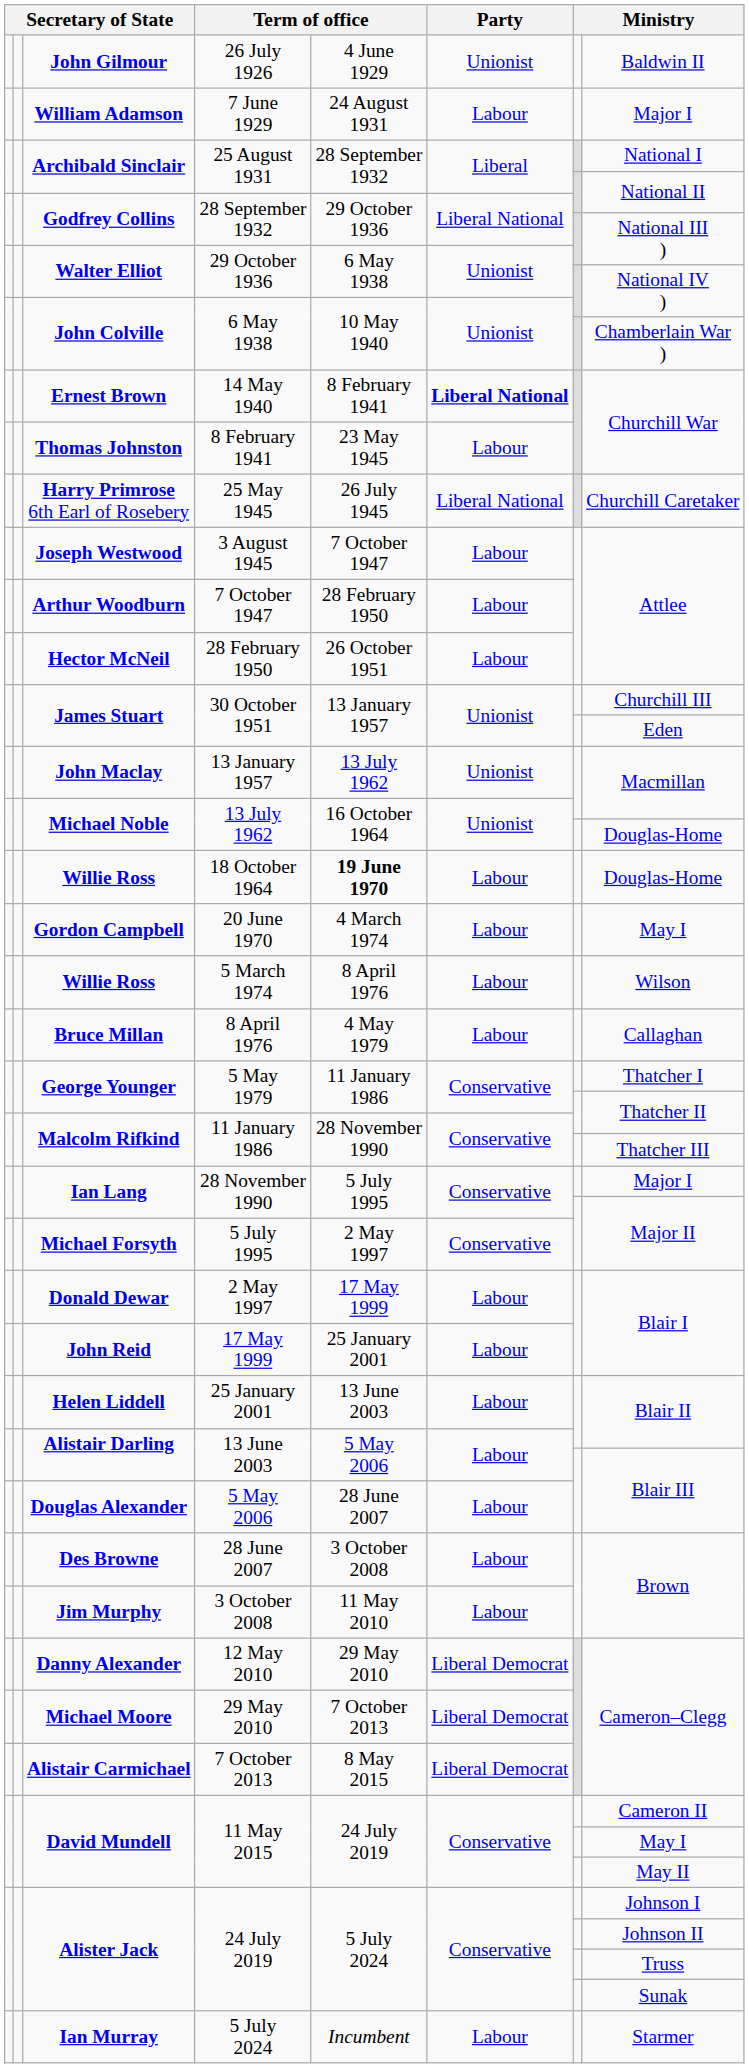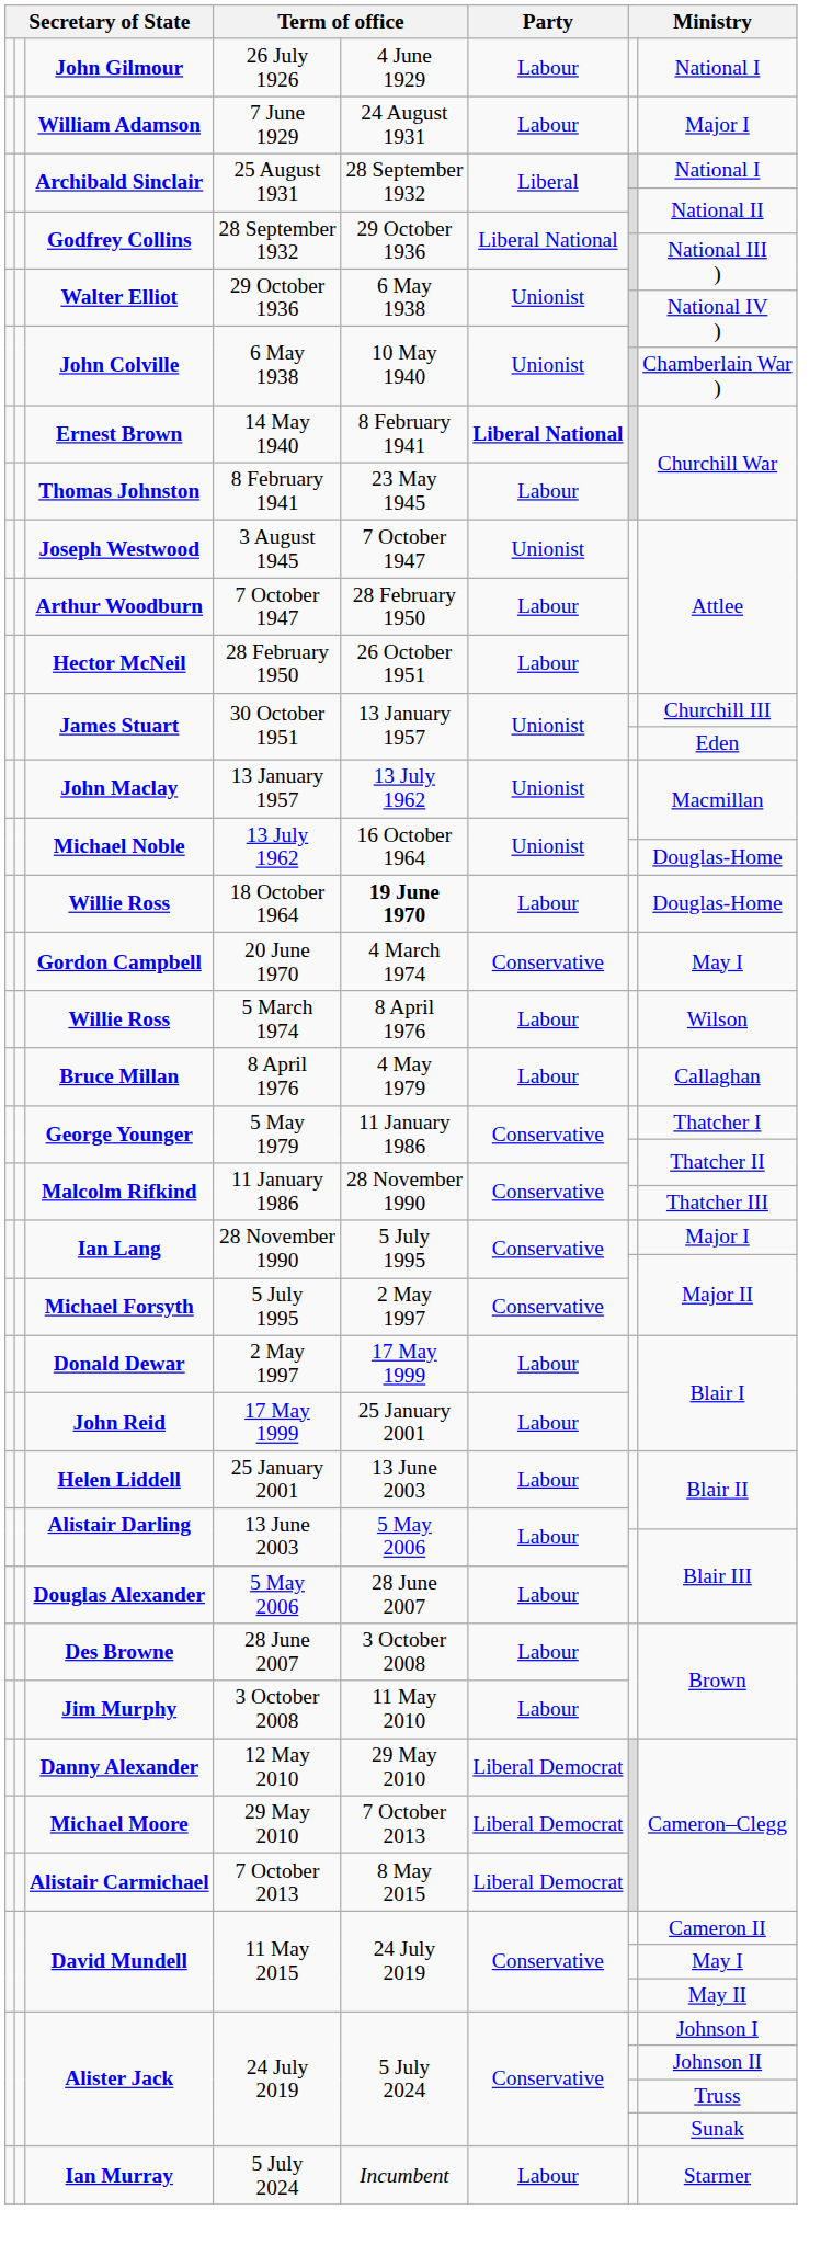 <table class="wikitable" style="text-align:center">
 <tr>
 <th colspan=3>Secretary of State</th>
 <th colspan=2>Term of office</th>
 <th>Party</th>
 <th colspan=2>Ministry</th>
 </tr>
 <tr style="height:1em">
 <td style="background-color:"></td>
 <td></td>
 <td><strong><a href='#'>John Gilmour</a></strong><br></td>
 <td>26 July<br>1926<br></td>
 <td>4 June<br>1929</td>
-<td><a href='#'>Unionist</a></td>
+<td><a href='#'>Labour</a></td>
 <td style="background-color:"></td>
-<td><a href='#'>Baldwin II</a></td>
+<td><a href='#'>National I</a><br></td>
 </tr>
 <tr style="height:1em">
 <td style="background-color:"></td>
 <td></td>
 <td><strong><a href='#'>William Adamson</a></strong><br></td>
 <td>7 June<br>1929</td>
 <td>24 August<br>1931</td>
 <td><a href='#'>Labour</a></td>
 <td style="background-color:"></td>
 <td><a href='#'>Major I</a></td>
 </tr>
 <tr style="height:1em">
 <td rowspan=2 style="background-color:"></td>
 <td rowspan=2></td>
 <td rowspan=2><strong><a href='#'>Archibald Sinclair</a></strong><br></td>
 <td rowspan=2>25 August<br>1931</td>
 <td rowspan=2>28 September<br>1932</td>
 <td rowspan=2><a href='#'>Liberal</a></td>
 <td style="background-color:#ddd"></td>
 <td><a href='#'>National I</a><br></td>
 </tr>
 <tr style="height:1em">
 <td rowspan=2 style="background-color:#ddd"></td>
 <td rowspan=2><a href='#'>National II</a><br></td>
 </tr>
 <tr style="height:1em">
 <td rowspan=2 style="background-color:"></td>
 <td rowspan=2></td>
 <td rowspan=2><strong><a href='#'>Godfrey Collins</a></strong><br></td>
 <td rowspan=2>28 September<br>1932</td>
 <td rowspan=2>29 October<br>1936</td>
 <td rowspan=2><a href='#'>Liberal National</a></td>
 </tr>
 <tr style="height:1em">
 <td rowspan=2 style="background-color:#ddd"></td>
 <td rowspan=2><a href='#'>National III</a><br>)</td>
 </tr>
 <tr style="height:1em">
 <td rowspan=2 style="background-color:"></td>
 <td rowspan=2></td>
 <td rowspan=2><strong><a href='#'>Walter Elliot</a></strong><br></td>
 <td rowspan=2>29 October<br>1936</td>
 <td rowspan=2>6 May<br>1938</td>
 <td rowspan=2><a href='#'>Unionist</a></td>
 </tr>
 <tr style="height:1em">
 <td rowspan=2 style="background-color:#ddd"></td>
 <td rowspan=2><a href='#'>National IV</a><br>)</td>
 </tr>
 <tr style="height:1em">
 <td rowspan=2 style="background-color:"></td>
 <td rowspan=2></td>
 <td rowspan=2><strong><a href='#'>John Colville</a></strong><br></td>
 <td rowspan=2>6 May<br>1938</td>
 <td rowspan=2>10 May<br>1940</td>
 <td rowspan=2><a href='#'>Unionist</a></td>
 </tr>
 <tr style="height:1em">
 <td style="background-color:#ddd"></td>
 <td><a href='#'>Chamberlain War</a><br>)</td>
 </tr>
 <tr style="height:1em">
 <td style="background-color:"></td>
 <td></td>
 <td><strong><a href='#'>Ernest Brown</a></strong><br></td>
 <td>14 May<br>1940</td>
 <td>8 February<br>1941</td>
 <td><strong><a href='#'>Liberal National</a></strong></td>
 <td rowspan=2 style="background-color:#ddd"></td>
 <td rowspan=2><a href='#'>Churchill War</a><br></td>
 </tr>
 <tr style="height:1em">
 <td style="background-color:"></td>
 <td></td>
 <td><strong><a href='#'>Thomas Johnston</a></strong><br></td>
 <td>8 February<br>1941</td>
 <td>23 May<br>1945</td>
 <td><a href='#'>Labour</a></td>
 </tr>
 <tr style="height:1em">
 <td style="background-color:"></td>
 <td></td>
-<td><a href='#'><strong>Harry Primrose</strong><br>6th Earl of Rosebery</a></td>
-<td>25 May<br>1945</td>
-<td>26 July<br>1945</td>
-<td><a href='#'>Liberal National</a></td>
-<td style="background-color:#ddd"></td>
-<td><a href='#'>Churchill Caretaker</a><br></td>
-</tr>
-<tr style="height:1em">
-<td style="background-color:"></td>
-<td></td>
 <td><strong><a href='#'>Joseph Westwood</a></strong><br></td>
 <td>3 August<br>1945</td>
 <td>7 October<br>1947</td>
-<td><a href='#'>Labour</a></td>
+<td><a href='#'>Unionist</a></td>
 <td rowspan=3 style="background-color:"></td>
 <td rowspan=3><a href='#'>Attlee<br></a></td>
 </tr>
 <tr style="height:1em">
 <td style="background-color:"></td>
 <td></td>
 <td><strong><a href='#'>Arthur Woodburn</a></strong><br></td>
 <td>7 October<br>1947</td>
 <td>28 February<br>1950</td>
 <td><a href='#'>Labour</a></td>
 </tr>
 <tr style="height:1em">
 <td style="background-color:"></td>
 <td></td>
 <td><strong><a href='#'>Hector McNeil</a></strong><br></td>
 <td>28 February<br>1950</td>
 <td>26 October<br>1951</td>
 <td><a href='#'>Labour</a></td>
 </tr>
 <tr style="height:1em">
 <td rowspan=2 style="background-color:"></td>
 <td rowspan=2></td>
 <td rowspan=2><a href='#'><strong>James Stuart</strong></a><br></td>
 <td rowspan=2>30 October<br>1951</td>
 <td rowspan=2>13 January<br>1957</td>
 <td rowspan=2><a href='#'>Unionist</a></td>
 <td style="background-color:"></td>
 <td><a href='#'>Churchill III</a></td>
 </tr>
 <tr style="height:1em">
 <td style="background-color:"></td>
 <td><a href='#'>Eden</a></td>
 </tr>
 <tr style="height:1em">
 <td style="background-color:"></td>
 <td></td>
 <td><strong><a href='#'>John Maclay</a></strong><br></td>
 <td>13 January<br>1957</td>
 <td><a href='#'>13 July<br>1962</a></td>
 <td><a href='#'>Unionist</a></td>
 <td rowspan=2 style="background-color:"></td>
 <td rowspan=2><a href='#'>Macmillan<br></a></td>
 </tr>
 <tr style="height:1em">
 <td rowspan=2 style="background-color:"></td>
 <td rowspan=2></td>
 <td rowspan=2><strong><a href='#'>Michael Noble</a></strong><br></td>
 <td rowspan=2><a href='#'>13 July<br>1962</a></td>
 <td rowspan=2>16 October<br>1964</td>
 <td rowspan=2><a href='#'>Unionist</a></td>
 </tr>
 <tr style="height:1em">
 <td style="background-color:"></td>
 <td><a href='#'>Douglas-Home</a></td>
 </tr>
 <tr style="height:1em">
 <td style="background-color:"></td>
 <td></td>
 <td><strong><a href='#'>Willie Ross</a></strong><br></td>
 <td>18 October<br>1964</td>
 <td><strong>19 June<br>1970</strong></td>
 <td><a href='#'>Labour</a></td>
 <td style="background-color:"></td>
 <td><a href='#'>Douglas-Home</a></td>
 </tr>
 <tr style="height:1em">
 <td style="background-color:"></td>
 <td></td>
 <td><strong><a href='#'>Gordon Campbell</a></strong><br></td>
 <td>20 June<br>1970</td>
 <td>4 March<br>1974</td>
-<td><a href='#'>Labour</a></td>
+<td><a href='#'>Conservative</a></td>
 <td style="background-color:"></td>
 <td><a href='#'>May I</a></td>
 </tr>
 <tr style="height:1em">
 <td style="background-color:"></td>
 <td></td>
 <td><strong><a href='#'>Willie Ross</a></strong><br></td>
 <td>5 March<br>1974</td>
 <td>8 April<br>1976</td>
 <td><a href='#'>Labour</a></td>
 <td style="background-color:"></td>
 <td><a href='#'>Wilson<br></a></td>
 </tr>
 <tr style="height:1em">
 <td style="background-color:"></td>
 <td></td>
 <td><strong><a href='#'>Bruce Millan</a></strong><br></td>
 <td>8 April<br>1976</td>
 <td>4 May<br>1979</td>
 <td><a href='#'>Labour</a></td>
 <td style="background-color:"></td>
 <td><a href='#'>Callaghan</a></td>
 </tr>
 <tr style="height:1em">
 <td rowspan=2 style="background-color:"></td>
 <td rowspan=2></td>
 <td rowspan=2><strong><a href='#'>George Younger</a></strong><br></td>
 <td rowspan=2>5 May<br>1979</td>
 <td rowspan=2>11 January<br>1986</td>
 <td rowspan=2><a href='#'>Conservative</a></td>
 <td style="background-color:"></td>
 <td><a href='#'>Thatcher I</a></td>
 </tr>
 <tr style="height:1em">
 <td rowspan=2 style="background-color:"></td>
 <td rowspan=2><a href='#'>Thatcher II</a></td>
 </tr>
 <tr style="height:1em">
 <td rowspan=2 style="background-color:"></td>
 <td rowspan=2></td>
 <td rowspan=2><strong><a href='#'>Malcolm Rifkind</a></strong><br></td>
 <td rowspan=2>11 January<br>1986</td>
 <td rowspan=2>28 November<br>1990</td>
 <td rowspan=2><a href='#'>Conservative</a></td>
 </tr>
 <tr style="height:1em">
 <td style="background-color:"></td>
 <td><a href='#'>Thatcher III</a></td>
 </tr>
 <tr style="height:1em">
 <td rowspan=2 style="background-color:"></td>
 <td rowspan=2></td>
 <td rowspan=2><strong><a href='#'>Ian Lang</a></strong><br></td>
 <td rowspan=2>28 November<br>1990</td>
 <td rowspan=2>5 July<br>1995</td>
 <td rowspan=2><a href='#'>Conservative</a></td>
 <td style="background-color:"></td>
 <td><a href='#'>Major I</a></td>
 </tr>
 <tr style="height:1em">
 <td rowspan=2 style="background-color:"></td>
 <td rowspan=2><a href='#'>Major II</a></td>
 </tr>
 <tr style="height:1em">
 <td style="background-color:"></td>
 <td></td>
 <td><strong><a href='#'>Michael Forsyth</a></strong><br></td>
 <td>5 July<br>1995</td>
 <td>2 May<br>1997</td>
 <td><a href='#'>Conservative</a></td>
 </tr>
 <tr style="height:1em">
 <td style="background-color:"></td>
 <td></td>
 <td><strong><a href='#'>Donald Dewar</a></strong><br></td>
 <td>2 May<br>1997</td>
 <td><a href='#'>17 May<br>1999</a></td>
 <td><a href='#'>Labour</a></td>
 <td rowspan=2 style="background-color:"></td>
 <td rowspan=2><a href='#'>Blair I</a></td>
 </tr>
 <tr style="height:1em">
 <td style="background-color:"></td>
 <td></td>
 <td><strong><a href='#'>John Reid</a></strong><br></td>
 <td><a href='#'>17 May<br>1999</a></td>
 <td>25 January<br>2001</td>
 <td><a href='#'>Labour</a></td>
 </tr>
 <tr style="height:1em">
 <td style="background-color:"></td>
 <td></td>
 <td><strong><a href='#'>Helen Liddell</a></strong><br></td>
 <td>25 January<br>2001</td>
 <td>13 June<br>2003</td>
 <td><a href='#'>Labour</a></td>
 <td rowspan=2 style="background-color:"></td>
 <td rowspan=2><a href='#'>Blair II</a></td>
 </tr>
 <tr style="height:1em">
 <td rowspan=2 style="background-color:"></td>
 <td rowspan=2></td>
 <td rowspan=2><strong><a href='#'>Alistair Darling</a></strong><br><br></td>
 <td rowspan=2>13 June<br>2003</td>
 <td rowspan=2><a href='#'>5 May<br>2006</a></td>
 <td rowspan=2><a href='#'>Labour</a></td>
 </tr>
 <tr style="height:1em">
 <td rowspan=2 style="background-color:"></td>
 <td rowspan=2><a href='#'>Blair III</a></td>
 </tr>
 <tr style="height:1em">
 <td style="background-color:"></td>
 <td></td>
 <td><strong><a href='#'>Douglas Alexander</a></strong><br></td>
 <td><a href='#'>5 May<br>2006</a></td>
 <td>28 June<br>2007</td>
 <td><a href='#'>Labour</a></td>
 </tr>
 <tr style="height:1em">
 <td style="background-color:"></td>
 <td></td>
 <td><strong><a href='#'>Des Browne</a></strong><br></td>
 <td>28 June<br>2007</td>
 <td>3 October<br>2008</td>
 <td><a href='#'>Labour</a></td>
 <td rowspan=2 style="background-color:"></td>
 <td rowspan=2><a href='#'>Brown</a></td>
 </tr>
 <tr style="height:1em">
 <td style="background-color:"></td>
 <td></td>
 <td><strong><a href='#'>Jim Murphy</a></strong><br></td>
 <td>3 October<br>2008</td>
 <td>11 May<br>2010</td>
 <td><a href='#'>Labour</a></td>
 </tr>
 <tr style="height:1em">
 <td style="background-color:"></td>
 <td></td>
 <td><strong><a href='#'>Danny Alexander</a></strong><br></td>
 <td>12 May<br>2010</td>
 <td>29 May<br>2010</td>
 <td><a href='#'>Liberal Democrat</a></td>
 <td rowspan=3 style="background-color:#ddd"></td>
 <td rowspan=3><a href='#'>Cameron–Clegg</a><br></td>
 </tr>
 <tr style="height:1em">
 <td style="background-color:"></td>
 <td></td>
 <td><strong><a href='#'>Michael Moore</a></strong><br></td>
 <td>29 May<br>2010</td>
 <td>7 October<br>2013</td>
 <td><a href='#'>Liberal Democrat</a></td>
 </tr>
 <tr style="height:1em">
 <td style="background-color:"></td>
 <td></td>
 <td><strong><a href='#'>Alistair Carmichael</a></strong><br></td>
 <td>7 October<br>2013</td>
 <td>8 May<br>2015</td>
 <td><a href='#'>Liberal Democrat</a></td>
 </tr>
 <tr style="height:1em">
 <td rowspan=3 style="background-color:"></td>
 <td rowspan=3></td>
 <td rowspan=3><strong><a href='#'>David Mundell</a></strong><br></td>
 <td rowspan=3>11 May<br>2015</td>
 <td rowspan=3>24 July<br>2019</td>
 <td rowspan=3><a href='#'>Conservative</a></td>
 <td style="background-color:"></td>
 <td><a href='#'>Cameron II</a></td>
 </tr>
 <tr style="height:1em">
 <td style="background-color:"></td>
 <td><a href='#'>May I</a></td>
 </tr>
 <tr style="height:1em">
 <td style="background-color:"></td>
 <td><a href='#'>May II</a></td>
 </tr>
 <tr style="height:1em">
 <td rowspan=4 style="background-color:"></td>
 <td rowspan=4></td>
 <td rowspan=4><strong><a href='#'>Alister Jack</a></strong><br></td>
 <td rowspan=4>24 July <br>2019</td>
 <td rowspan=4>5 July <br>2024</td>
 <td rowspan=4><a href='#'>Conservative</a></td>
 <td style="background-color:"></td>
 <td><a href='#'>Johnson I</a></td>
 </tr>
 <tr style="height:1em">
 <td style="background-color:"></td>
 <td><a href='#'>Johnson II</a></td>
 </tr>
 <tr style="height:1em">
 <td style="background-color:"></td>
 <td><a href='#'>Truss</a></td>
 </tr>
 <tr style="height:1em">
 <td style="background-color:"></td>
 <td><a href='#'>Sunak</a></td>
 </tr>
 <tr style="height:1em">
 <td style="background-color:"></td>
 <td></td>
 <td><strong><a href='#'>Ian Murray</a></strong> <br></td>
 <td>5 July<br>2024<br></td>
 <td><em>Incumbent</em></td>
 <td><a href='#'>Labour</a></td>
 <td style="background-color:"></td>
 <td><a href='#'>Starmer</a></td>
 </tr>
 </table>
